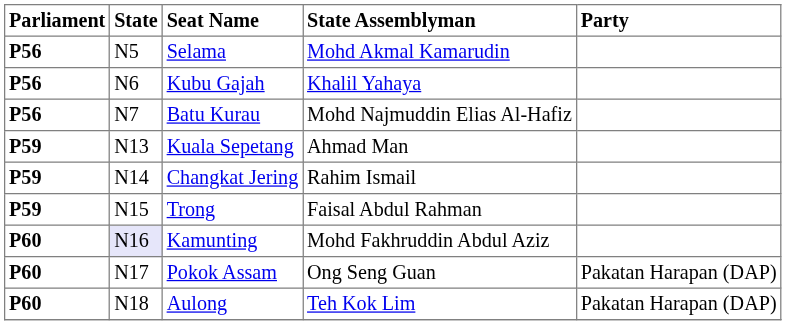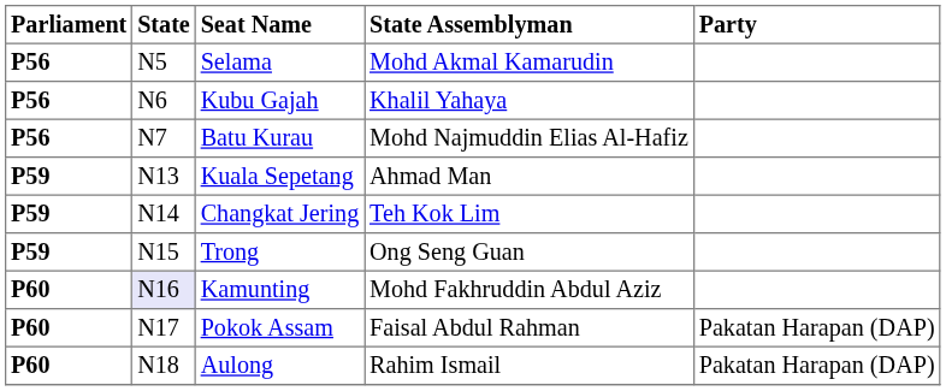 <table class="toccolours sortable" border="1" cellpadding="3" style="border-collapse:collapse; text-align: left;">
 <tr>
 <th align="center">Parliament</th>
 <th>State</th>
 <th>Seat Name</th>
 <th>State Assemblyman</th>
 <th>Party</th>
 </tr>
 <tr>
 <th align="left">P56</th>
 <td>N5</td>
 <td><a href='#'>Selama</a></td>
 <td><a href='#'>Mohd Akmal Kamarudin</a></td>
 <td></td>
 </tr>
 <tr>
 <th align="left">P56</th>
 <td>N6</td>
 <td><a href='#'>Kubu Gajah</a></td>
 <td><a href='#'>Khalil Yahaya</a></td>
 <td></td>
 </tr>
 <tr>
 <th align="left">P56</th>
 <td>N7</td>
 <td><a href='#'>Batu Kurau</a></td>
 <td>Mohd Najmuddin Elias Al-Hafiz</td>
 <td></td>
 </tr>
 <tr>
 <th align="left">P59</th>
 <td>N13</td>
 <td><a href='#'>Kuala Sepetang</a></td>
 <td>Ahmad Man</td>
 <td></td>
 </tr>
 <tr>
 <th align="left">P59</th>
 <td>N14</td>
 <td><a href='#'>Changkat Jering</a></td>
-<td>Rahim Ismail</td>
+<td><a href='#'>Teh Kok Lim</a></td>
 <td></td>
 </tr>
 <tr>
 <th align="left">P59</th>
 <td>N15</td>
 <td><a href='#'>Trong</a></td>
-<td>Faisal Abdul Rahman</td>
+<td>Ong Seng Guan</td>
 <td></td>
 </tr>
 <tr>
 <th align="left">P60</th>
 <td style="background: lavender;">N16</td>
 <td><a href='#'>Kamunting</a></td>
 <td>Mohd Fakhruddin Abdul Aziz</td>
 <td></td>
 </tr>
 <tr>
 <th align="left">P60</th>
 <td>N17</td>
 <td><a href='#'>Pokok Assam</a></td>
-<td>Ong Seng Guan</td>
+<td>Faisal Abdul Rahman</td>
 <td>Pakatan Harapan (DAP)</td>
 </tr>
 <tr>
 <th align="left">P60</th>
 <td>N18</td>
 <td><a href='#'>Aulong</a></td>
-<td><a href='#'>Teh Kok Lim</a></td>
+<td>Rahim Ismail</td>
 <td>Pakatan Harapan (DAP)</td>
 </tr>
 <tr>
 </tr>
 </table>
